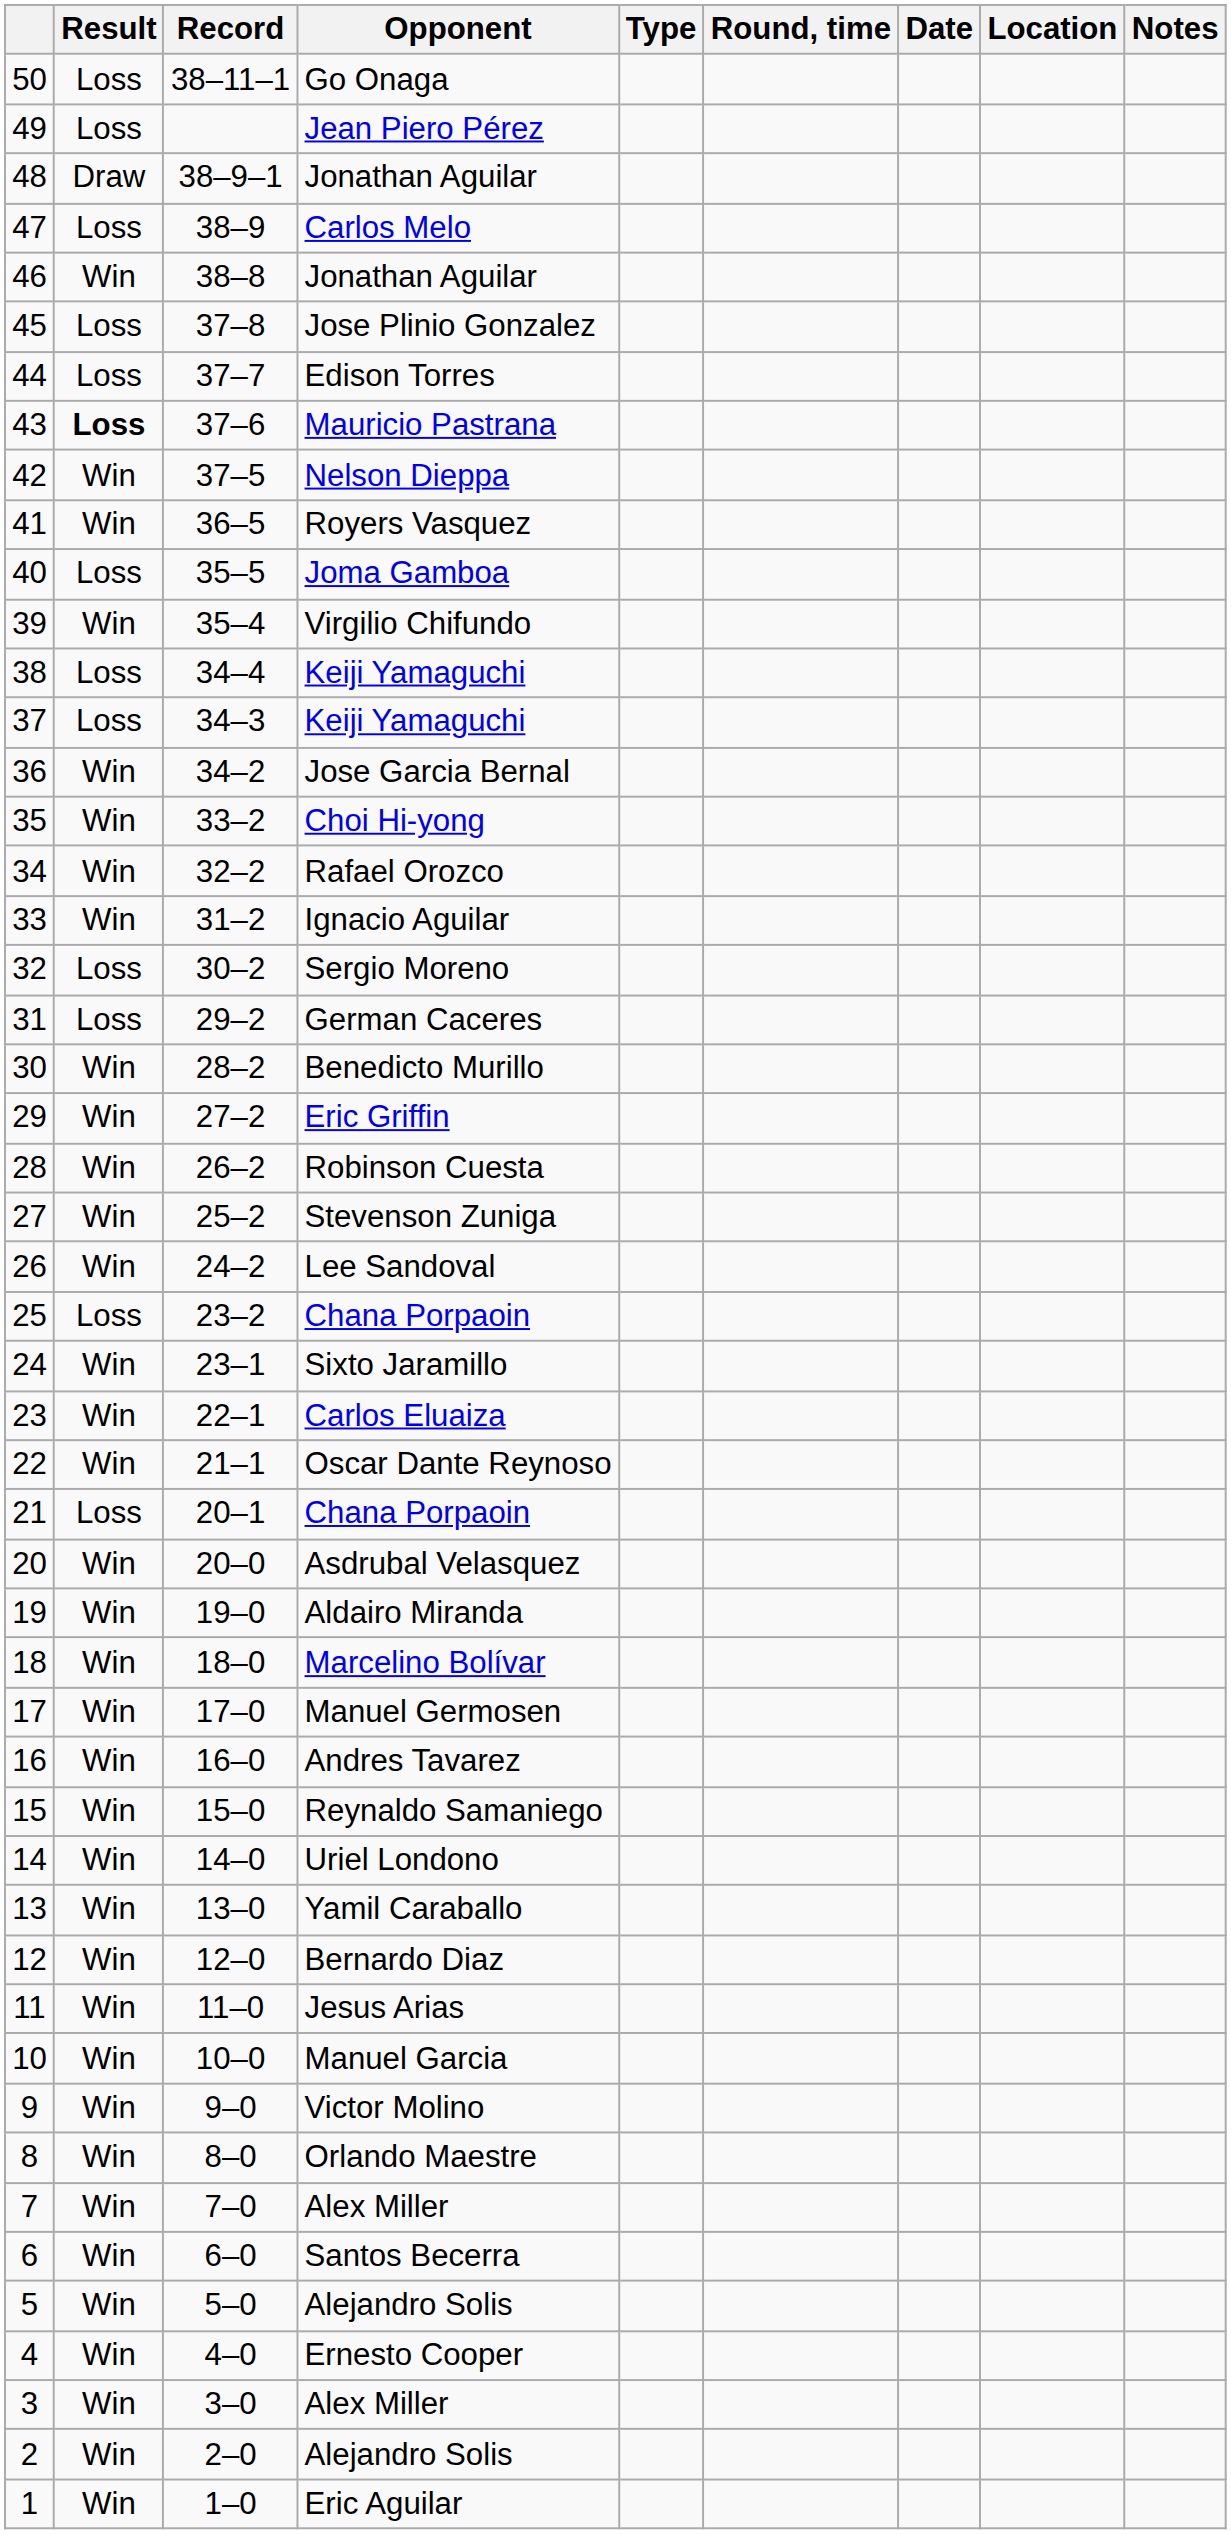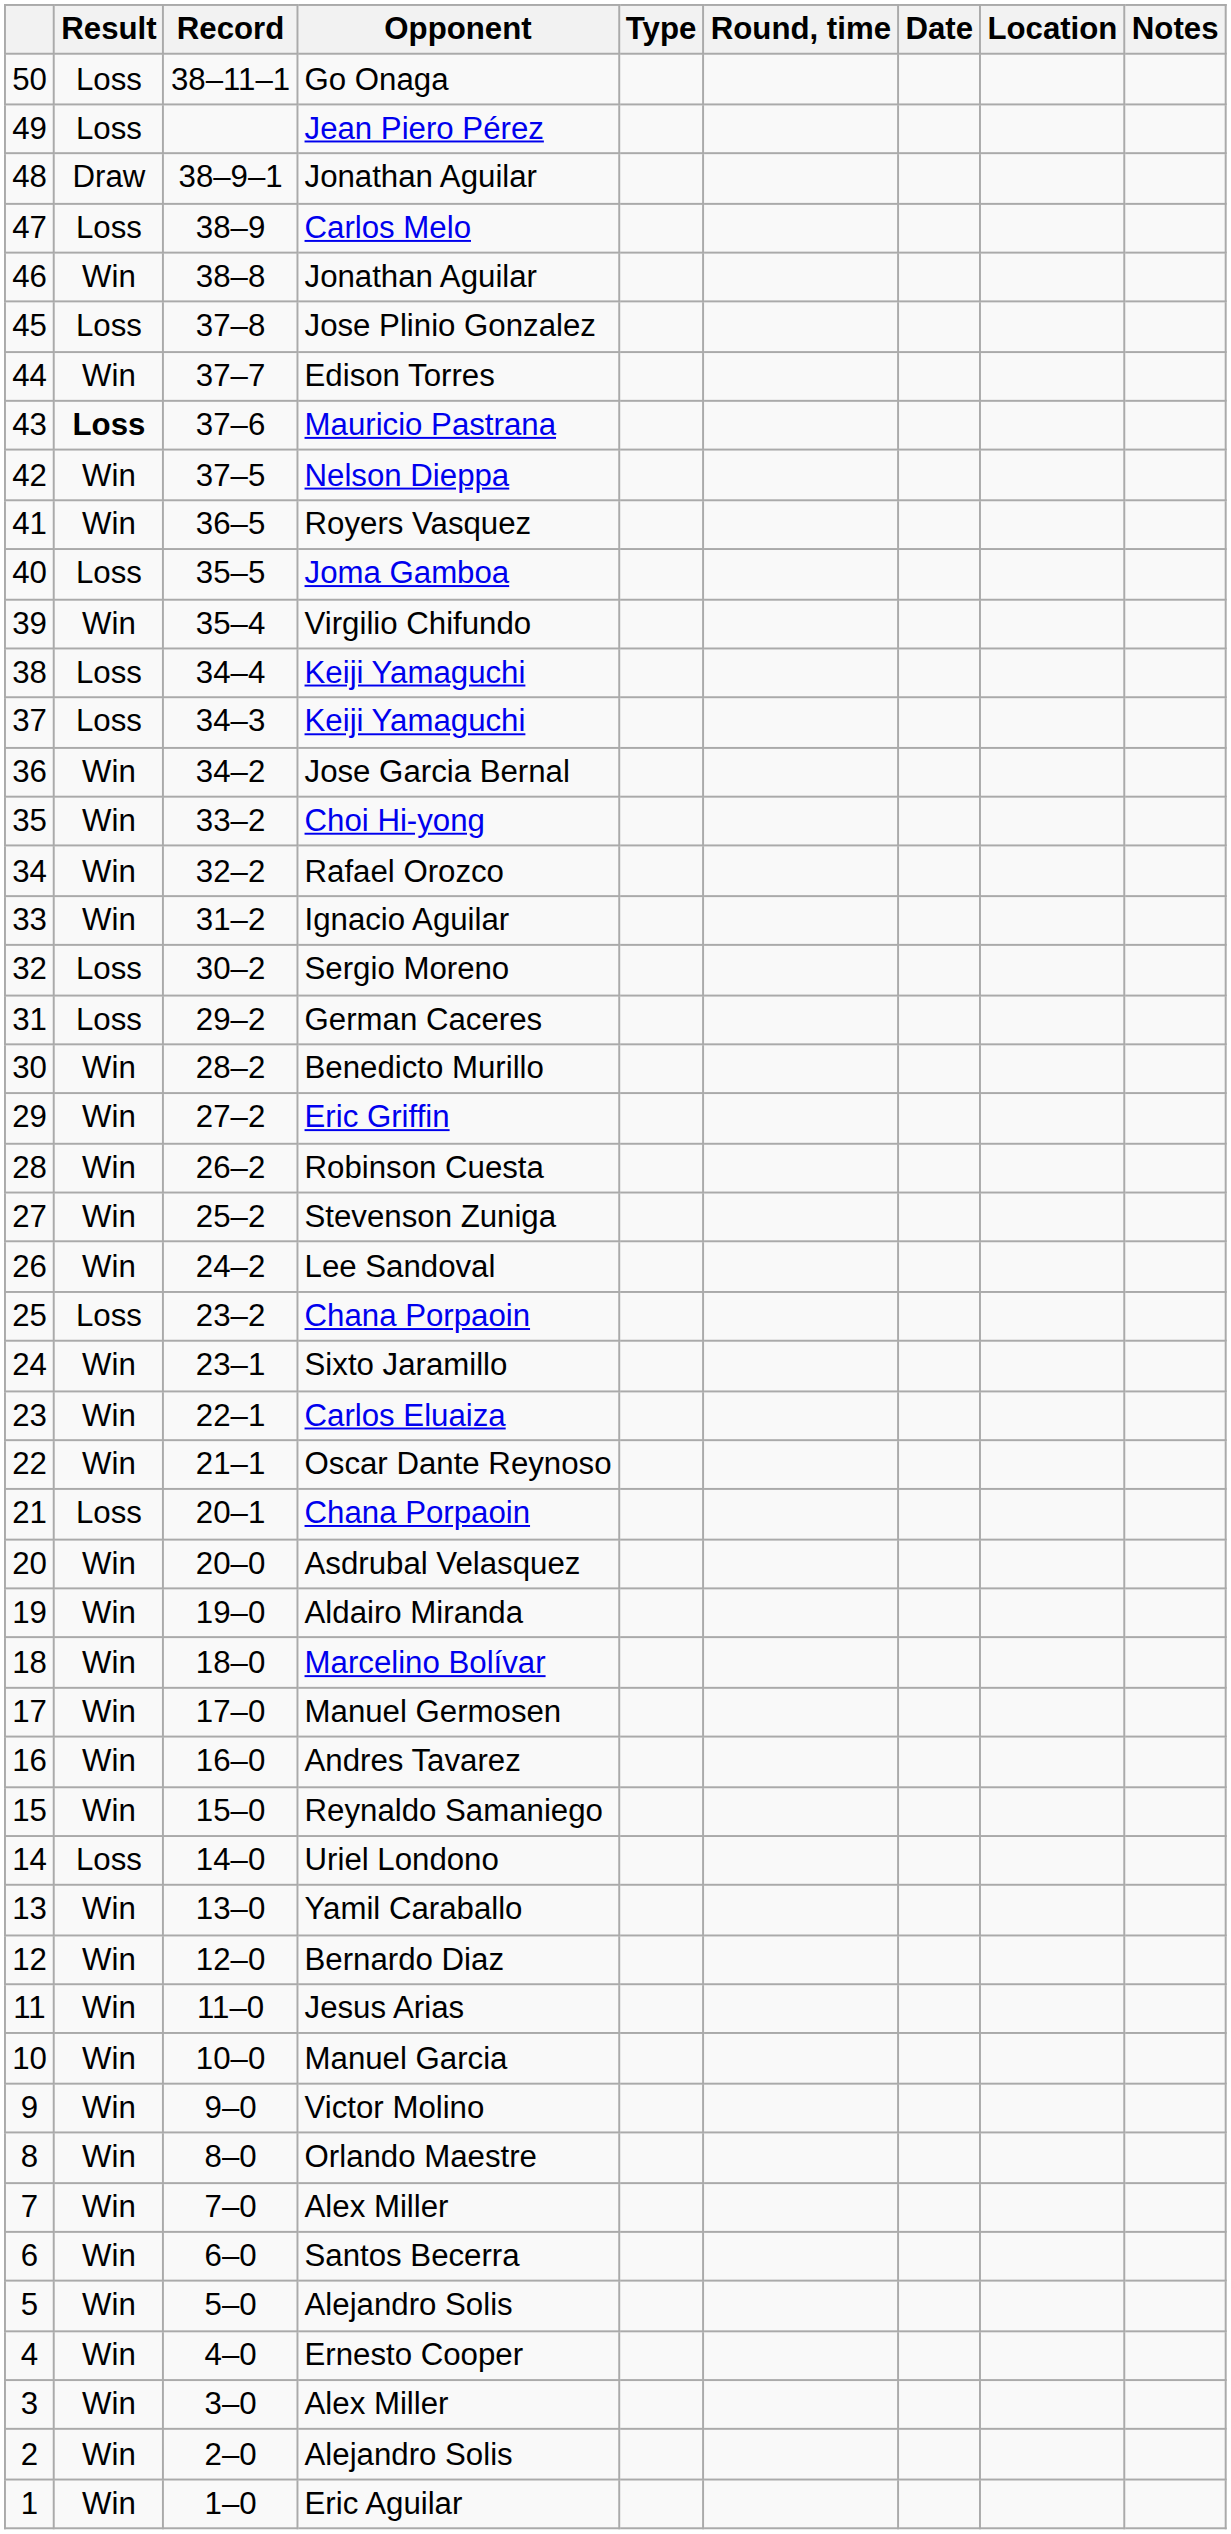 <table class="wikitable" style="text-align:center">
 <tr>
 <th></th>
 <th>Result</th>
 <th>Record</th>
 <th>Opponent</th>
 <th>Type</th>
 <th>Round, time</th>
 <th>Date</th>
 <th>Location</th>
 <th>Notes</th>
 </tr>
 <tr>
 <td>50</td>
 <td>Loss</td>
 <td>38–11–1</td>
 <td align=left>Go Onaga</td>
 <td></td>
 <td></td>
 <td></td>
 <td align=left></td>
 <td align=left></td>
 </tr>
 <tr>
 <td>49</td>
 <td>Loss</td>
 <td></td>
 <td align=left><a href='#'>Jean Piero Pérez</a></td>
 <td></td>
 <td></td>
 <td></td>
 <td align=left></td>
 <td align=left></td>
 </tr>
 <tr>
 <td>48</td>
 <td>Draw</td>
 <td>38–9–1</td>
 <td align=left>Jonathan Aguilar</td>
 <td></td>
 <td></td>
 <td></td>
 <td align=left></td>
 <td align=left></td>
 </tr>
 <tr>
 <td>47</td>
 <td>Loss</td>
 <td>38–9</td>
 <td align=left><a href='#'>Carlos Melo</a></td>
 <td></td>
 <td></td>
 <td></td>
 <td align=left></td>
 <td align=left></td>
 </tr>
 <tr>
 <td>46</td>
 <td>Win</td>
 <td>38–8</td>
 <td align=left>Jonathan Aguilar</td>
 <td></td>
 <td></td>
 <td></td>
 <td align=left></td>
 <td align=left></td>
 </tr>
 <tr>
 <td>45</td>
 <td>Loss</td>
 <td>37–8</td>
 <td align=left>Jose Plinio Gonzalez</td>
 <td></td>
 <td></td>
 <td></td>
 <td align=left></td>
 <td align=left></td>
 </tr>
 <tr>
 <td>44</td>
-<td>Loss</td>
+<td>Win</td>
 <td>37–7</td>
 <td align=left>Edison Torres</td>
 <td></td>
 <td></td>
 <td></td>
 <td align=left></td>
 <td align=left></td>
 </tr>
 <tr>
 <td>43</td>
 <td><strong>Loss</strong></td>
 <td>37–6</td>
 <td align=left><a href='#'>Mauricio Pastrana</a></td>
 <td></td>
 <td></td>
 <td></td>
 <td align=left></td>
 <td align=left></td>
 </tr>
 <tr>
 <td>42</td>
 <td>Win</td>
 <td>37–5</td>
 <td align=left><a href='#'>Nelson Dieppa</a></td>
 <td></td>
 <td></td>
 <td></td>
 <td align=left></td>
 <td align=left></td>
 </tr>
 <tr>
 <td>41</td>
 <td>Win</td>
 <td>36–5</td>
 <td align=left>Royers Vasquez</td>
 <td></td>
 <td></td>
 <td></td>
 <td align=left></td>
 <td align=left></td>
 </tr>
 <tr>
 <td>40</td>
 <td>Loss</td>
 <td>35–5</td>
 <td align=left><a href='#'>Joma Gamboa</a></td>
 <td></td>
 <td></td>
 <td></td>
 <td align=left></td>
 <td align=left></td>
 </tr>
 <tr>
 <td>39</td>
 <td>Win</td>
 <td>35–4</td>
 <td align=left>Virgilio Chifundo</td>
 <td></td>
 <td></td>
 <td></td>
 <td align=left></td>
 <td align=left></td>
 </tr>
 <tr>
 <td>38</td>
 <td>Loss</td>
 <td>34–4</td>
 <td align=left><a href='#'>Keiji Yamaguchi</a></td>
 <td></td>
 <td></td>
 <td></td>
 <td align=left></td>
 <td align=left></td>
 </tr>
 <tr>
 <td>37</td>
 <td>Loss</td>
 <td>34–3</td>
 <td align=left><a href='#'>Keiji Yamaguchi</a></td>
 <td></td>
 <td></td>
 <td></td>
 <td align=left></td>
 <td align=left></td>
 </tr>
 <tr>
 <td>36</td>
 <td>Win</td>
 <td>34–2</td>
 <td align=left>Jose Garcia Bernal</td>
 <td></td>
 <td></td>
 <td></td>
 <td align=left></td>
 <td align=left></td>
 </tr>
 <tr>
 <td>35</td>
 <td>Win</td>
 <td>33–2</td>
 <td align=left><a href='#'>Choi Hi-yong</a></td>
 <td></td>
 <td></td>
 <td></td>
 <td align=left></td>
 <td align=left></td>
 </tr>
 <tr>
 <td>34</td>
 <td>Win</td>
 <td>32–2</td>
 <td align=left>Rafael Orozco</td>
 <td></td>
 <td></td>
 <td></td>
 <td align=left></td>
 <td align=left></td>
 </tr>
 <tr>
 <td>33</td>
 <td>Win</td>
 <td>31–2</td>
 <td align=left>Ignacio Aguilar</td>
 <td></td>
 <td></td>
 <td></td>
 <td align=left></td>
 <td align=left></td>
 </tr>
 <tr>
 <td>32</td>
 <td>Loss</td>
 <td>30–2</td>
 <td align=left>Sergio Moreno</td>
 <td></td>
 <td></td>
 <td></td>
 <td align=left></td>
 <td align=left></td>
 </tr>
 <tr>
 <td>31</td>
 <td>Loss</td>
 <td>29–2</td>
 <td align=left>German Caceres</td>
 <td></td>
 <td></td>
 <td></td>
 <td align=left></td>
 <td align=left></td>
 </tr>
 <tr>
 <td>30</td>
 <td>Win</td>
 <td>28–2</td>
 <td align=left>Benedicto Murillo</td>
 <td></td>
 <td></td>
 <td></td>
 <td align=left></td>
 <td align=left></td>
 </tr>
 <tr>
 <td>29</td>
 <td>Win</td>
 <td>27–2</td>
 <td align=left><a href='#'>Eric Griffin</a></td>
 <td></td>
 <td></td>
 <td></td>
 <td align=left></td>
 <td align=left></td>
 </tr>
 <tr>
 <td>28</td>
 <td>Win</td>
 <td>26–2</td>
 <td align=left>Robinson Cuesta</td>
 <td></td>
 <td></td>
 <td></td>
 <td align=left></td>
 <td align=left></td>
 </tr>
 <tr>
 <td>27</td>
 <td>Win</td>
 <td>25–2</td>
 <td align=left>Stevenson Zuniga</td>
 <td></td>
 <td></td>
 <td></td>
 <td align=left></td>
 <td align=left></td>
 </tr>
 <tr>
 <td>26</td>
 <td>Win</td>
 <td>24–2</td>
 <td align=left>Lee Sandoval</td>
 <td></td>
 <td></td>
 <td></td>
 <td align=left></td>
 <td align=left></td>
 </tr>
 <tr>
 <td>25</td>
 <td>Loss</td>
 <td>23–2</td>
 <td align=left><a href='#'>Chana Porpaoin</a></td>
 <td></td>
 <td></td>
 <td></td>
 <td align=left></td>
 <td align=left></td>
 </tr>
 <tr>
 <td>24</td>
 <td>Win</td>
 <td>23–1</td>
 <td align=left>Sixto Jaramillo</td>
 <td></td>
 <td></td>
 <td></td>
 <td align=left></td>
 <td align=left></td>
 </tr>
 <tr>
 <td>23</td>
 <td>Win</td>
 <td>22–1</td>
 <td align=left><a href='#'>Carlos Eluaiza</a></td>
 <td></td>
 <td></td>
 <td></td>
 <td align=left></td>
 <td align=left></td>
 </tr>
 <tr>
 <td>22</td>
 <td>Win</td>
 <td>21–1</td>
 <td align=left>Oscar Dante Reynoso</td>
 <td></td>
 <td></td>
 <td></td>
 <td align=left></td>
 <td align=left></td>
 </tr>
 <tr>
 <td>21</td>
 <td>Loss</td>
 <td>20–1</td>
 <td align=left><a href='#'>Chana Porpaoin</a></td>
 <td></td>
 <td></td>
 <td></td>
 <td align=left></td>
 <td align=left></td>
 </tr>
 <tr>
 <td>20</td>
 <td>Win</td>
 <td>20–0</td>
 <td align=left>Asdrubal Velasquez</td>
 <td></td>
 <td></td>
 <td></td>
 <td align=left></td>
 <td align=left></td>
 </tr>
 <tr>
 <td>19</td>
 <td>Win</td>
 <td>19–0</td>
 <td align=left>Aldairo Miranda</td>
 <td></td>
 <td></td>
 <td></td>
 <td align=left></td>
 <td align=left></td>
 </tr>
 <tr>
 <td>18</td>
 <td>Win</td>
 <td>18–0</td>
 <td align=left><a href='#'>Marcelino Bolívar</a></td>
 <td></td>
 <td></td>
 <td></td>
 <td align=left></td>
 <td align=left></td>
 </tr>
 <tr>
 <td>17</td>
 <td>Win</td>
 <td>17–0</td>
 <td align=left>Manuel Germosen</td>
 <td></td>
 <td></td>
 <td></td>
 <td align=left></td>
 <td align=left></td>
 </tr>
 <tr>
 <td>16</td>
 <td>Win</td>
 <td>16–0</td>
 <td align=left>Andres Tavarez</td>
 <td></td>
 <td></td>
 <td></td>
 <td align=left></td>
 <td align=left></td>
 </tr>
 <tr>
 <td>15</td>
 <td>Win</td>
 <td>15–0</td>
 <td align=left>Reynaldo Samaniego</td>
 <td></td>
 <td></td>
 <td></td>
 <td align=left></td>
 <td align=left></td>
 </tr>
 <tr>
 <td>14</td>
-<td>Win</td>
+<td>Loss</td>
 <td>14–0</td>
 <td align=left>Uriel Londono</td>
 <td></td>
 <td></td>
 <td></td>
 <td align=left></td>
 <td align=left></td>
 </tr>
 <tr>
 <td>13</td>
 <td>Win</td>
 <td>13–0</td>
 <td align=left>Yamil Caraballo</td>
 <td></td>
 <td></td>
 <td></td>
 <td align=left></td>
 <td align=left></td>
 </tr>
 <tr>
 <td>12</td>
 <td>Win</td>
 <td>12–0</td>
 <td align=left>Bernardo Diaz</td>
 <td></td>
 <td></td>
 <td></td>
 <td align=left></td>
 <td align=left></td>
 </tr>
 <tr>
 <td>11</td>
 <td>Win</td>
 <td>11–0</td>
 <td align=left>Jesus Arias</td>
 <td></td>
 <td></td>
 <td></td>
 <td align=left></td>
 <td align=left></td>
 </tr>
 <tr>
 <td>10</td>
 <td>Win</td>
 <td>10–0</td>
 <td align=left>Manuel Garcia</td>
 <td></td>
 <td></td>
 <td></td>
 <td align=left></td>
 <td align=left></td>
 </tr>
 <tr>
 <td>9</td>
 <td>Win</td>
 <td>9–0</td>
 <td align=left>Victor Molino</td>
 <td></td>
 <td></td>
 <td></td>
 <td align=left></td>
 <td align=left></td>
 </tr>
 <tr>
 <td>8</td>
 <td>Win</td>
 <td>8–0</td>
 <td align=left>Orlando Maestre</td>
 <td></td>
 <td></td>
 <td></td>
 <td align=left></td>
 <td align=left></td>
 </tr>
 <tr>
 <td>7</td>
 <td>Win</td>
 <td>7–0</td>
 <td align=left>Alex Miller</td>
 <td></td>
 <td></td>
 <td></td>
 <td align=left></td>
 <td align=left></td>
 </tr>
 <tr>
 <td>6</td>
 <td>Win</td>
 <td>6–0</td>
 <td align=left>Santos Becerra</td>
 <td></td>
 <td></td>
 <td></td>
 <td align=left></td>
 <td align=left></td>
 </tr>
 <tr>
 <td>5</td>
 <td>Win</td>
 <td>5–0</td>
 <td align=left>Alejandro Solis</td>
 <td></td>
 <td></td>
 <td></td>
 <td align=left></td>
 <td align=left></td>
 </tr>
 <tr>
 <td>4</td>
 <td>Win</td>
 <td>4–0</td>
 <td align=left>Ernesto Cooper</td>
 <td></td>
 <td></td>
 <td></td>
 <td align=left></td>
 <td align=left></td>
 </tr>
 <tr>
 <td>3</td>
 <td>Win</td>
 <td>3–0</td>
 <td align=left>Alex Miller</td>
 <td></td>
 <td></td>
 <td></td>
 <td align=left></td>
 <td align=left></td>
 </tr>
 <tr>
 <td>2</td>
 <td>Win</td>
 <td>2–0</td>
 <td align=left>Alejandro Solis</td>
 <td></td>
 <td></td>
 <td></td>
 <td align=left></td>
 <td align=left></td>
 </tr>
 <tr>
 <td>1</td>
 <td>Win</td>
 <td>1–0</td>
 <td align=left>Eric Aguilar</td>
 <td></td>
 <td></td>
 <td></td>
 <td align=left></td>
 <td align=left></td>
 </tr>
 </table>
